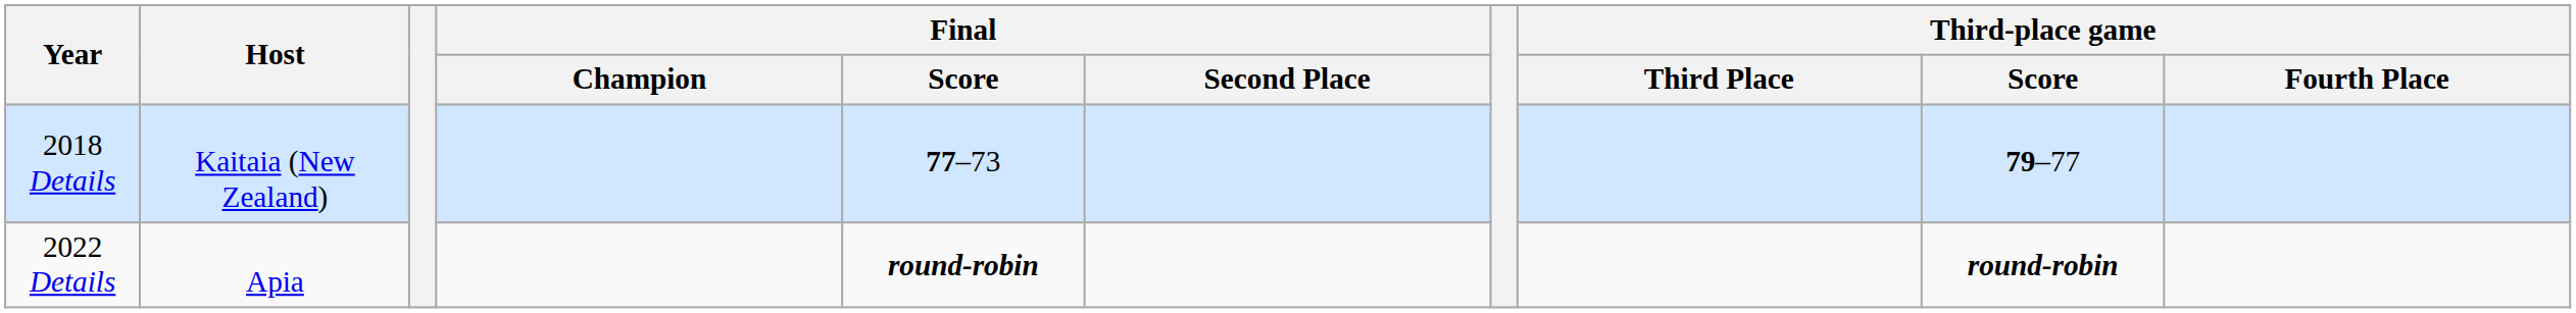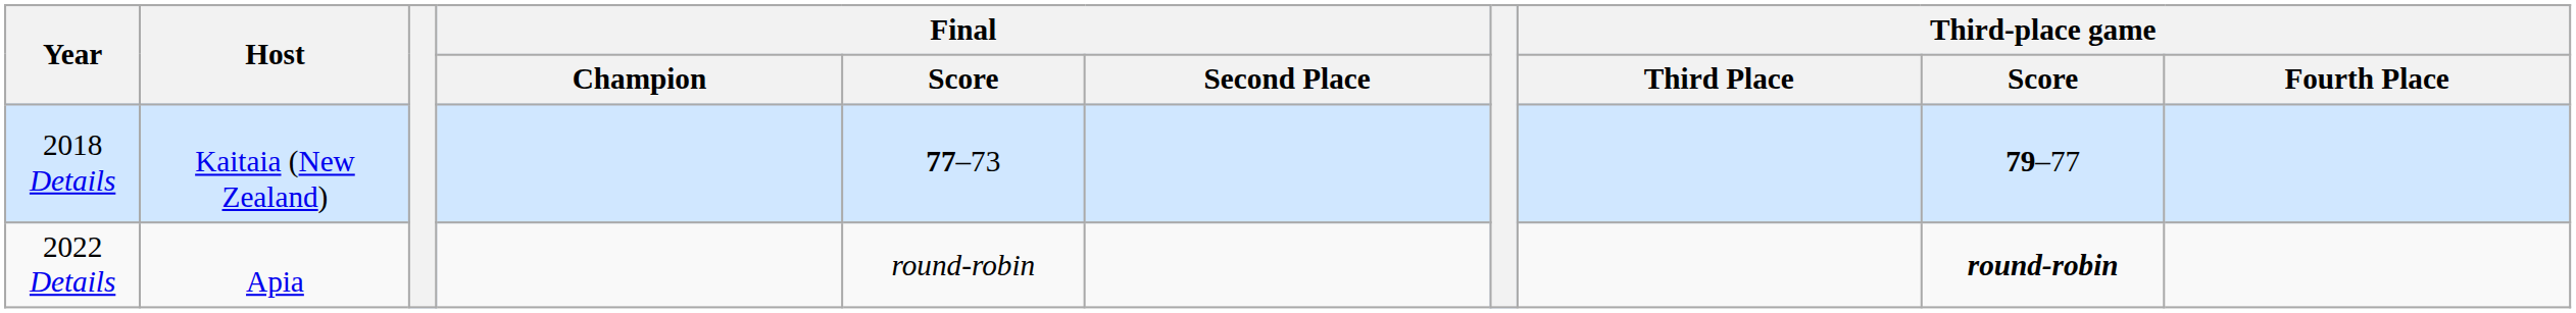 <table class="wikitable" style="font-size:90%; width: 98%; text-align: center;">
 <tr bgcolor=#C1D8FF>
 <th rowspan=2 width=5%>Year</th>
 <th rowspan=2 width=10%>Host</th>
 <th width=1% rowspan=14 bgcolor=ffffff></th>
 <th colspan=3>Final</th>
 <th width=1% rowspan=14 bgcolor=ffffff></th>
 <th colspan=3>Third-place game</th>
 </tr>
 <tr bgcolor=#EFEFEF>
 <th width=15%>Champion</th>
 <th width=9%>Score</th>
 <th width=15%>Second Place</th>
 <th width=15%>Third Place</th>
 <th width=9%>Score</th>
 <th width=15%>Fourth Place</th>
 </tr>
 <tr bgcolor=#D0E7FF>
 <td>2018 <br> <em><a href='#'>Details</a></em></td>
 <td> <br> <a href='#'>Kaitaia</a> (<a href='#'>New Zealand</a>)</td>
 <td><strong></strong></td>
 <td><strong>77</strong>–73</td>
 <td></td>
 <td></td>
 <td><strong>79</strong>–77</td>
 <td></td>
 </tr>
 <tr bgcolor=>
 <td>2022 <br> <em><a href='#'>Details</a></em></td>
 <td> <br> <a href='#'>Apia</a></td>
 <td><strong></strong></td>
-<td><strong><em>round-robin</em></strong></td>
+<td><em>round-robin</em></td>
 <td></td>
 <td></td>
 <td><strong><em>round-robin</em></strong></td>
 <td></td>
 </tr>
 </table>
